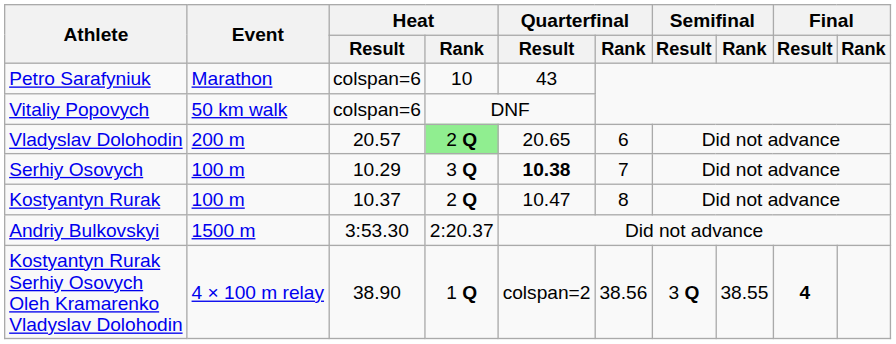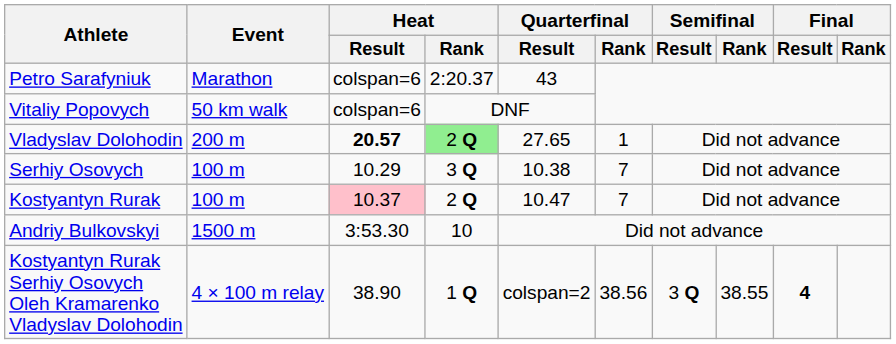 <table class=wikitable style="font-size:90%">
 <tr>
 <th rowspan="2">Athlete</th>
 <th rowspan="2">Event</th>
 <th colspan="2">Heat</th>
 <th colspan="2">Quarterfinal</th>
 <th colspan="2">Semifinal</th>
 <th colspan="2">Final</th>
 </tr>
 <tr style="font-size:95%">
 <th>Result</th>
 <th>Rank</th>
 <th>Result</th>
 <th>Rank</th>
 <th>Result</th>
 <th>Rank</th>
 <th>Result</th>
 <th>Rank</th>
 </tr>
 <tr align=center>
 <td align=left><a href='#'>Petro Sarafyniuk</a></td>
 <td align=left><a href='#'>Marathon</a></td>
 <td>colspan=6 </td>
-<td>10</td>
+<td>2:20.37</td>
 <td>43</td>
 </tr>
 <tr align=center>
 <td align=left><a href='#'>Vitaliy Popovych</a></td>
 <td align=left><a href='#'>50 km walk</a></td>
 <td>colspan=6 </td>
 <td colspan=2>DNF</td>
 </tr>
 <tr align=center>
 <td align=left><a href='#'>Vladyslav Dolohodin</a></td>
 <td align=left><a href='#'>200 m</a></td>
-<td>20.57</td>
+<td><strong>20.57</strong></td>
 <td style="background: lightgreen;">2 <strong>Q</strong></td>
-<td>20.65</td>
-<td>6</td>
+<td>27.65</td>
+<td>1</td>
 <td colspan=4>Did not advance</td>
 </tr>
 <tr align=center>
 <td align=left><a href='#'>Serhiy Osovych</a></td>
 <td align=left><a href='#'>100 m</a></td>
 <td>10.29</td>
 <td>3 <strong>Q</strong></td>
-<td><strong>10.38</strong></td>
+<td>10.38</td>
 <td>7</td>
 <td colspan=4>Did not advance</td>
 </tr>
 <tr align=center>
 <td align=left><a href='#'>Kostyantyn Rurak</a></td>
 <td align=left><a href='#'>100 m</a></td>
-<td>10.37</td>
+<td style="background: pink;">10.37</td>
 <td>2 <strong>Q</strong></td>
 <td>10.47</td>
-<td>8</td>
+<td>7</td>
 <td colspan=4>Did not advance</td>
 </tr>
 <tr align=center>
 <td align=left><a href='#'>Andriy Bulkovskyi</a></td>
 <td align=left><a href='#'>1500 m</a></td>
 <td>3:53.30</td>
-<td>2:20.37</td>
+<td>10</td>
 <td colspan=6>Did not advance</td>
 </tr>
 <tr align=center>
 <td align=left><a href='#'>Kostyantyn Rurak</a><br><a href='#'>Serhiy Osovych</a><br><a href='#'>Oleh Kramarenko</a><br><a href='#'>Vladyslav Dolohodin</a></td>
 <td align=left><a href='#'>4 × 100 m relay</a></td>
 <td>38.90</td>
 <td>1 <strong>Q</strong></td>
 <td>colspan=2 </td>
 <td>38.56</td>
 <td>3 <strong>Q</strong></td>
 <td>38.55</td>
 <td><strong>4</strong></td>
 </tr>
 </table>
